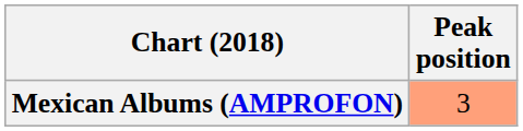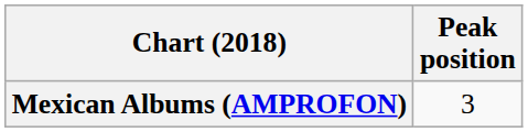 <table class="wikitable plainrowheaders" style="text-align:center">
 <tr>
 <th scope="col">Chart (2018)</th>
 <th scope="col">Peak<br>position</th>
 </tr>
 <tr>
 <th scope="row">Mexican Albums (<a href='#'>AMPROFON</a>)</th>
-<td style="background: lightsalmon;">3</td>
+<td>3</td>
 </tr>
 </table>
